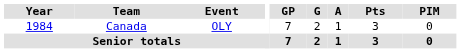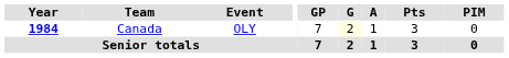 <table border="0" cellpadding="1" cellspacing="0" ID="Table3" style="text-align:center; width:40em">
 <tr bgcolor="#e0e0e0">
 <th>Year</th>
 <th>Team</th>
 <th>Event</th>
 <th rowspan="102" bgcolor="#ffffff"></th>
 <th>GP</th>
 <th>G</th>
 <th>A</th>
 <th>Pts</th>
 <th>PIM</th>
 </tr>
 <tr>
-<td><a href='#'>1984</a></td>
+<td><strong><a href='#'>1984</a></strong></td>
 <td><a href='#'>Canada</a></td>
 <td><a href='#'>OLY</a></td>
 <td>7</td>
-<td>2</td>
+<td style="background: lightyellow;">2</td>
 <td>1</td>
 <td>3</td>
 <td>0</td>
 </tr>
 <tr bgcolor="#e0e0e0">
 <th colspan="4">Senior totals</th>
 <th>7</th>
 <th>2</th>
 <th>1</th>
 <th>3</th>
 <th>0</th>
 </tr>
 </table>
